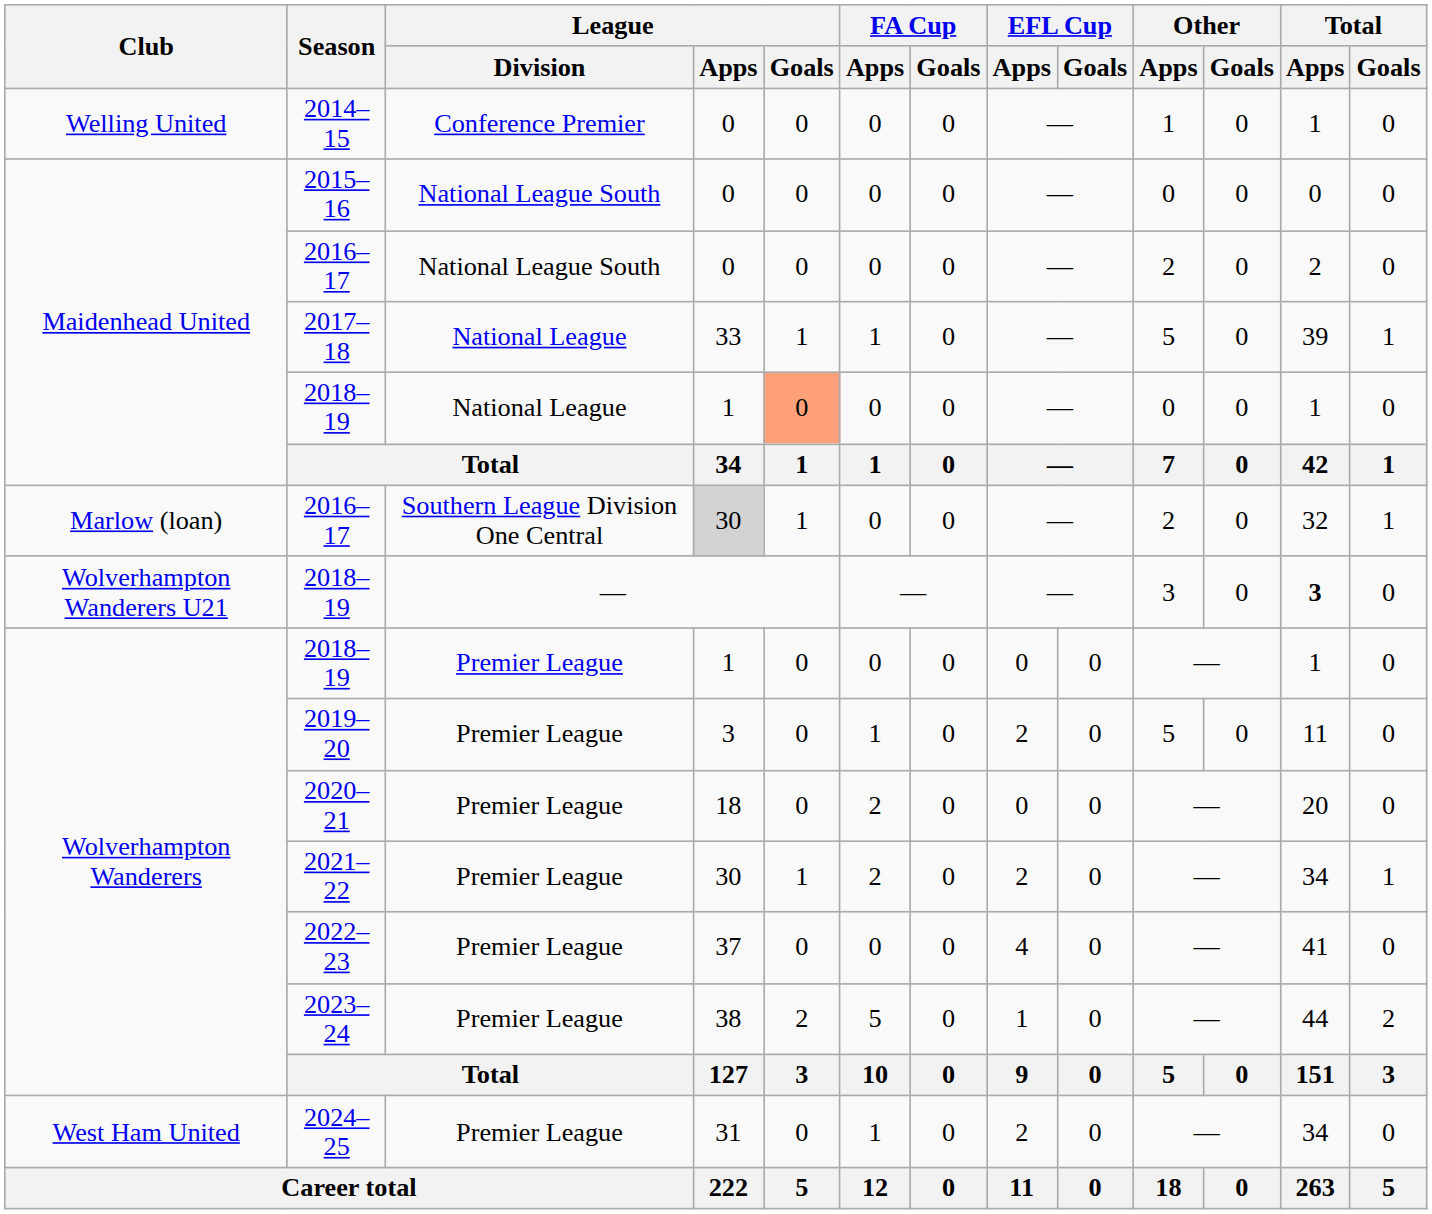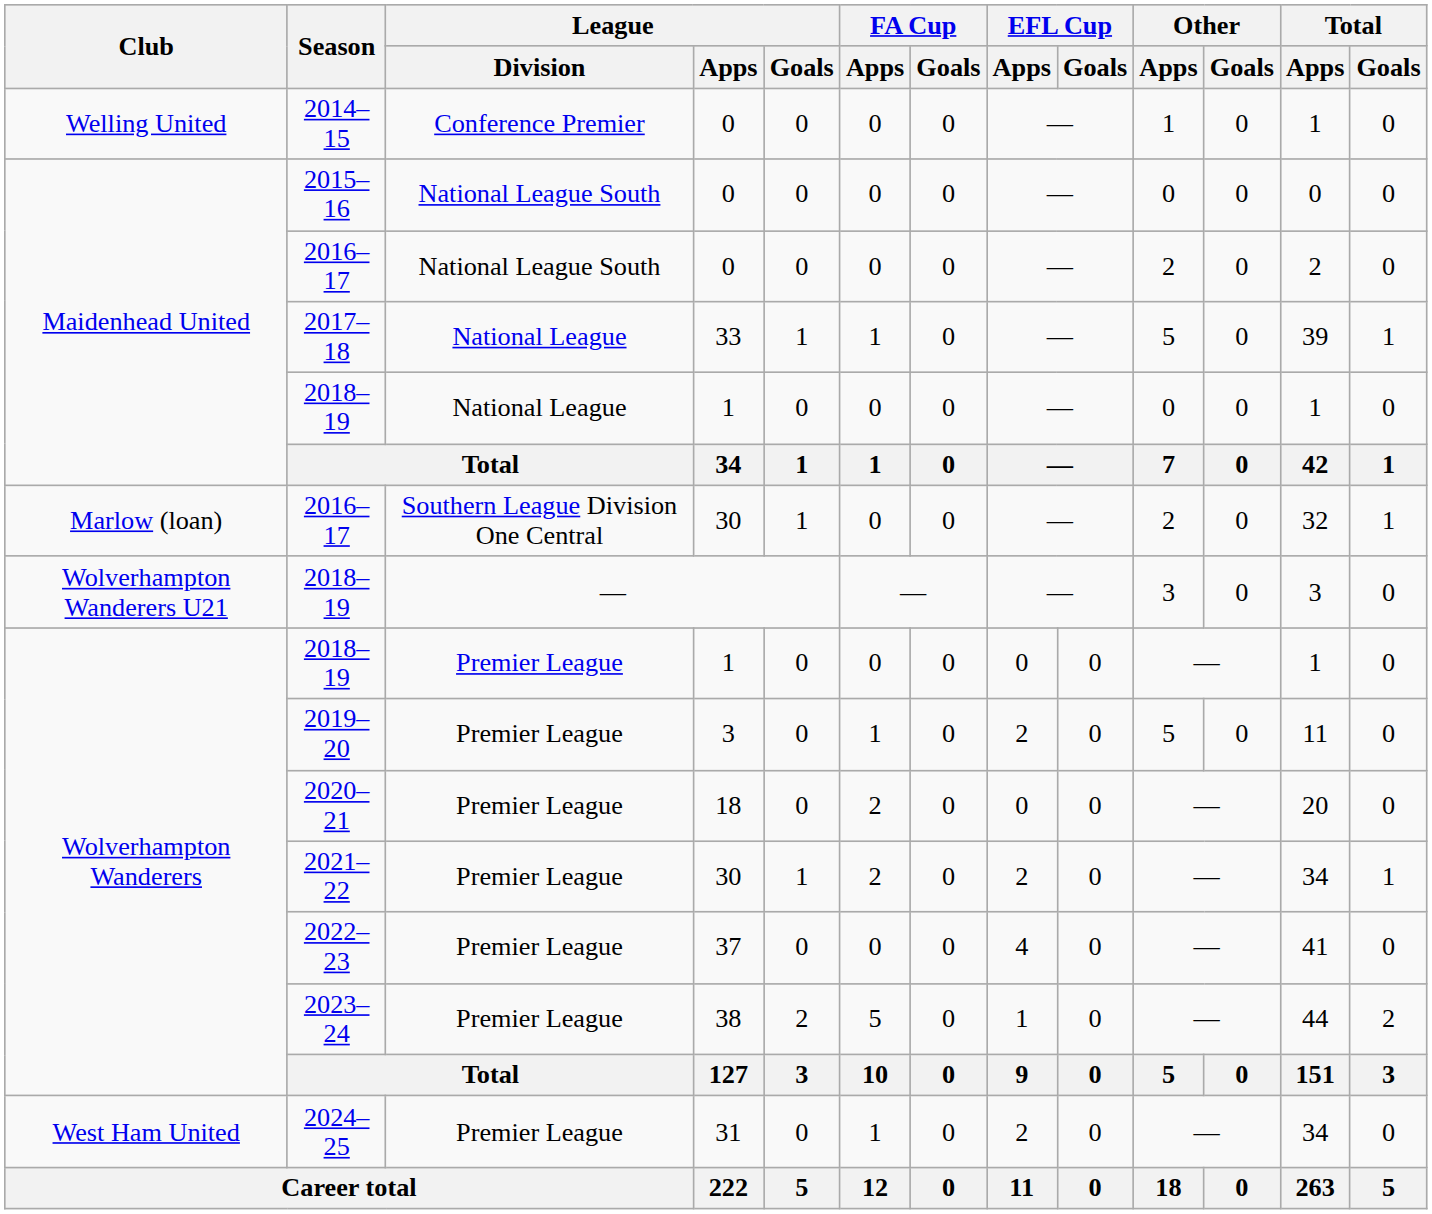 <table class="wikitable" style="text-align:center">
 <tr>
 <th rowspan="2">Club</th>
 <th rowspan="2">Season</th>
 <th colspan="3">League</th>
 <th colspan="2"><a href='#'>FA Cup</a></th>
 <th colspan="2"><a href='#'>EFL Cup</a></th>
 <th colspan="2">Other</th>
 <th colspan="2">Total</th>
 </tr>
 <tr>
 <th>Division</th>
 <th>Apps</th>
 <th>Goals</th>
 <th>Apps</th>
 <th>Goals</th>
 <th>Apps</th>
 <th>Goals</th>
 <th>Apps</th>
 <th>Goals</th>
 <th>Apps</th>
 <th>Goals</th>
 </tr>
 <tr>
 <td><a href='#'>Welling United</a></td>
 <td><a href='#'>2014–15</a></td>
 <td><a href='#'>Conference Premier</a></td>
 <td>0</td>
 <td>0</td>
 <td>0</td>
 <td>0</td>
 <td colspan="2">—</td>
 <td>1</td>
 <td>0</td>
 <td>1</td>
 <td>0</td>
 </tr>
 <tr>
 <td rowspan="5"><a href='#'>Maidenhead United</a></td>
 <td><a href='#'>2015–16</a></td>
 <td><a href='#'>National League South</a></td>
 <td>0</td>
 <td>0</td>
 <td>0</td>
 <td>0</td>
 <td colspan="2">—</td>
 <td>0</td>
 <td>0</td>
 <td>0</td>
 <td>0</td>
 </tr>
 <tr>
 <td><a href='#'>2016–17</a></td>
 <td>National League South</td>
 <td>0</td>
 <td>0</td>
 <td>0</td>
 <td>0</td>
 <td colspan="2">—</td>
 <td>2</td>
 <td>0</td>
 <td>2</td>
 <td>0</td>
 </tr>
 <tr>
 <td><a href='#'>2017–18</a></td>
 <td><a href='#'>National League</a></td>
 <td>33</td>
 <td>1</td>
 <td>1</td>
 <td>0</td>
 <td colspan="2">—</td>
 <td>5</td>
 <td>0</td>
 <td>39</td>
 <td>1</td>
 </tr>
 <tr>
 <td><a href='#'>2018–19</a></td>
 <td>National League</td>
 <td>1</td>
-<td style="background: lightsalmon;">0</td>
+<td>0</td>
 <td>0</td>
 <td>0</td>
 <td colspan="2">—</td>
 <td>0</td>
 <td>0</td>
 <td>1</td>
 <td>0</td>
 </tr>
 <tr>
 <th colspan="2">Total</th>
 <th>34</th>
 <th>1</th>
 <th>1</th>
 <th>0</th>
 <th colspan="2">—</th>
 <th>7</th>
 <th>0</th>
 <th>42</th>
 <th>1</th>
 </tr>
 <tr>
 <td><a href='#'>Marlow</a> (loan)</td>
 <td><a href='#'>2016–17</a></td>
 <td><a href='#'>Southern League</a> Division One Central</td>
-<td style="background: lightgrey;">30</td>
+<td>30</td>
 <td>1</td>
 <td>0</td>
 <td>0</td>
 <td colspan="2">—</td>
 <td>2</td>
 <td>0</td>
 <td>32</td>
 <td>1</td>
 </tr>
 <tr>
 <td><a href='#'>Wolverhampton Wanderers U21</a></td>
 <td><a href='#'>2018–19</a></td>
 <td colspan="3">—</td>
 <td colspan="2">—</td>
 <td colspan="2">—</td>
 <td>3</td>
 <td>0</td>
-<td><strong>3</strong></td>
+<td>3</td>
 <td>0</td>
 </tr>
 <tr>
 <td rowspan="7"><a href='#'>Wolverhampton Wanderers</a></td>
 <td><a href='#'>2018–19</a></td>
 <td><a href='#'>Premier League</a></td>
 <td>1</td>
 <td>0</td>
 <td>0</td>
 <td>0</td>
 <td>0</td>
 <td>0</td>
 <td colspan="2">—</td>
 <td>1</td>
 <td>0</td>
 </tr>
 <tr>
 <td><a href='#'>2019–20</a></td>
 <td>Premier League</td>
 <td>3</td>
 <td>0</td>
 <td>1</td>
 <td>0</td>
 <td>2</td>
 <td>0</td>
 <td>5</td>
 <td>0</td>
 <td>11</td>
 <td>0</td>
 </tr>
 <tr>
 <td><a href='#'>2020–21</a></td>
 <td>Premier League</td>
 <td>18</td>
 <td>0</td>
 <td>2</td>
 <td>0</td>
 <td>0</td>
 <td>0</td>
 <td colspan="2">—</td>
 <td>20</td>
 <td>0</td>
 </tr>
 <tr>
 <td><a href='#'>2021–22</a></td>
 <td>Premier League</td>
 <td>30</td>
 <td>1</td>
 <td>2</td>
 <td>0</td>
 <td>2</td>
 <td>0</td>
 <td colspan="2">—</td>
 <td>34</td>
 <td>1</td>
 </tr>
 <tr>
 <td><a href='#'>2022–23</a></td>
 <td>Premier League</td>
 <td>37</td>
 <td>0</td>
 <td>0</td>
 <td>0</td>
 <td>4</td>
 <td>0</td>
 <td colspan="2">—</td>
 <td>41</td>
 <td>0</td>
 </tr>
 <tr>
 <td><a href='#'>2023–24</a></td>
 <td>Premier League</td>
 <td>38</td>
 <td>2</td>
 <td>5</td>
 <td>0</td>
 <td>1</td>
 <td>0</td>
 <td colspan="2">—</td>
 <td>44</td>
 <td>2</td>
 </tr>
 <tr>
 <th colspan="2">Total</th>
 <th>127</th>
 <th>3</th>
 <th>10</th>
 <th>0</th>
 <th>9</th>
 <th>0</th>
 <th>5</th>
 <th>0</th>
 <th>151</th>
 <th>3</th>
 </tr>
 <tr>
 <td><a href='#'>West Ham United</a></td>
 <td><a href='#'>2024–25</a></td>
 <td>Premier League</td>
 <td>31</td>
 <td>0</td>
 <td>1</td>
 <td>0</td>
 <td>2</td>
 <td>0</td>
 <td colspan="2">—</td>
 <td>34</td>
 <td>0</td>
 </tr>
 <tr>
 <th colspan="3">Career total</th>
 <th>222</th>
 <th>5</th>
 <th>12</th>
 <th>0</th>
 <th>11</th>
 <th>0</th>
 <th>18</th>
 <th>0</th>
 <th>263</th>
 <th>5</th>
 </tr>
 </table>
